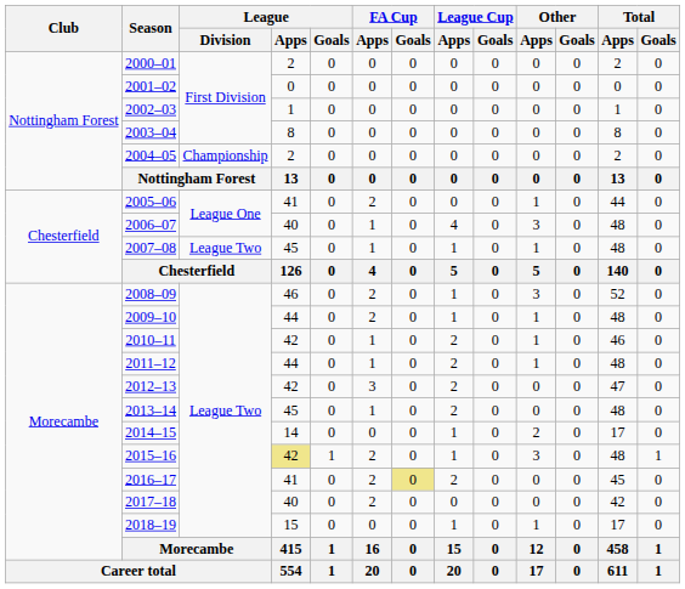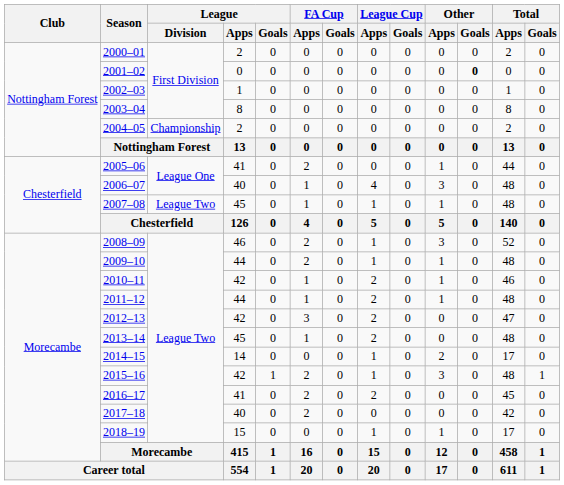 <table class="wikitable" style="text-align:center">
 <tr>
 <th rowspan="2">Club</th>
 <th rowspan="2">Season</th>
 <th colspan="3">League</th>
 <th colspan="2"><a href='#'>FA Cup</a></th>
 <th colspan="2"><a href='#'>League Cup</a></th>
 <th colspan="2">Other</th>
 <th colspan="2">Total</th>
 </tr>
 <tr>
 <th>Division</th>
 <th>Apps</th>
 <th>Goals</th>
 <th>Apps</th>
 <th>Goals</th>
 <th>Apps</th>
 <th>Goals</th>
 <th>Apps</th>
 <th>Goals</th>
 <th>Apps</th>
 <th>Goals</th>
 </tr>
 <tr>
 <td rowspan="6"><a href='#'>Nottingham Forest</a></td>
 <td><a href='#'>2000–01</a></td>
 <td rowspan="4"><a href='#'>First Division</a></td>
 <td>2</td>
 <td>0</td>
 <td>0</td>
 <td>0</td>
 <td>0</td>
 <td>0</td>
 <td>0</td>
 <td>0</td>
 <td>2</td>
 <td>0</td>
 </tr>
 <tr>
 <td><a href='#'>2001–02</a></td>
 <td>0</td>
 <td>0</td>
 <td>0</td>
 <td>0</td>
 <td>0</td>
 <td>0</td>
 <td>0</td>
-<td>0</td>
+<td><strong>0</strong></td>
 <td>0</td>
 <td>0</td>
 </tr>
 <tr>
 <td><a href='#'>2002–03</a></td>
 <td>1</td>
 <td>0</td>
 <td>0</td>
 <td>0</td>
 <td>0</td>
 <td>0</td>
 <td>0</td>
 <td>0</td>
 <td>1</td>
 <td>0</td>
 </tr>
 <tr>
 <td><a href='#'>2003–04</a></td>
 <td>8</td>
 <td>0</td>
 <td>0</td>
 <td>0</td>
 <td>0</td>
 <td>0</td>
 <td>0</td>
 <td>0</td>
 <td>8</td>
 <td>0</td>
 </tr>
 <tr>
 <td><a href='#'>2004–05</a></td>
 <td><a href='#'>Championship</a></td>
 <td>2</td>
 <td>0</td>
 <td>0</td>
 <td>0</td>
 <td>0</td>
 <td>0</td>
 <td>0</td>
 <td>0</td>
 <td>2</td>
 <td>0</td>
 </tr>
 <tr>
 <th colspan="2">Nottingham Forest</th>
 <th>13</th>
 <th>0</th>
 <th>0</th>
 <th>0</th>
 <th>0</th>
 <th>0</th>
 <th>0</th>
 <th>0</th>
 <th>13</th>
 <th>0</th>
 </tr>
 <tr>
 <td rowspan="4"><a href='#'>Chesterfield</a></td>
 <td><a href='#'>2005–06</a></td>
 <td rowspan="2"><a href='#'>League One</a></td>
 <td>41</td>
 <td>0</td>
 <td>2</td>
 <td>0</td>
 <td>0</td>
 <td>0</td>
 <td>1</td>
 <td>0</td>
 <td>44</td>
 <td>0</td>
 </tr>
 <tr>
 <td><a href='#'>2006–07</a></td>
 <td>40</td>
 <td>0</td>
 <td>1</td>
 <td>0</td>
 <td>4</td>
 <td>0</td>
 <td>3</td>
 <td>0</td>
 <td>48</td>
 <td>0</td>
 </tr>
 <tr>
 <td><a href='#'>2007–08</a></td>
 <td><a href='#'>League Two</a></td>
 <td>45</td>
 <td>0</td>
 <td>1</td>
 <td>0</td>
 <td>1</td>
 <td>0</td>
 <td>1</td>
 <td>0</td>
 <td>48</td>
 <td>0</td>
 </tr>
 <tr>
 <th colspan="2">Chesterfield</th>
 <th>126</th>
 <th>0</th>
 <th>4</th>
 <th>0</th>
 <th>5</th>
 <th>0</th>
 <th>5</th>
 <th>0</th>
 <th>140</th>
 <th>0</th>
 </tr>
 <tr>
 <td rowspan="12"><a href='#'>Morecambe</a></td>
 <td><a href='#'>2008–09</a></td>
 <td rowspan="11"><a href='#'>League Two</a></td>
 <td>46</td>
 <td>0</td>
 <td>2</td>
 <td>0</td>
 <td>1</td>
 <td>0</td>
 <td>3</td>
 <td>0</td>
 <td>52</td>
 <td>0</td>
 </tr>
 <tr>
 <td><a href='#'>2009–10</a></td>
 <td>44</td>
 <td>0</td>
 <td>2</td>
 <td>0</td>
 <td>1</td>
 <td>0</td>
 <td>1</td>
 <td>0</td>
 <td>48</td>
 <td>0</td>
 </tr>
 <tr>
 <td><a href='#'>2010–11</a></td>
 <td>42</td>
 <td>0</td>
 <td>1</td>
 <td>0</td>
 <td>2</td>
 <td>0</td>
 <td>1</td>
 <td>0</td>
 <td>46</td>
 <td>0</td>
 </tr>
 <tr>
 <td><a href='#'>2011–12</a></td>
 <td>44</td>
 <td>0</td>
 <td>1</td>
 <td>0</td>
 <td>2</td>
 <td>0</td>
 <td>1</td>
 <td>0</td>
 <td>48</td>
 <td>0</td>
 </tr>
 <tr>
 <td><a href='#'>2012–13</a></td>
 <td>42</td>
 <td>0</td>
 <td>3</td>
 <td>0</td>
 <td>2</td>
 <td>0</td>
 <td>0</td>
 <td>0</td>
 <td>47</td>
 <td>0</td>
 </tr>
 <tr>
 <td><a href='#'>2013–14</a></td>
 <td>45</td>
 <td>0</td>
 <td>1</td>
 <td>0</td>
 <td>2</td>
 <td>0</td>
 <td>0</td>
 <td>0</td>
 <td>48</td>
 <td>0</td>
 </tr>
 <tr>
 <td><a href='#'>2014–15</a></td>
 <td>14</td>
 <td>0</td>
 <td>0</td>
 <td>0</td>
 <td>1</td>
 <td>0</td>
 <td>2</td>
 <td>0</td>
 <td>17</td>
 <td>0</td>
 </tr>
 <tr>
 <td><a href='#'>2015–16</a></td>
-<td style="background: khaki;">42</td>
+<td>42</td>
 <td>1</td>
 <td>2</td>
 <td>0</td>
 <td>1</td>
 <td>0</td>
 <td>3</td>
 <td>0</td>
 <td>48</td>
 <td>1</td>
 </tr>
 <tr>
 <td><a href='#'>2016–17</a></td>
 <td>41</td>
 <td>0</td>
 <td>2</td>
-<td style="background: khaki;">0</td>
+<td>0</td>
 <td>2</td>
 <td>0</td>
 <td>0</td>
 <td>0</td>
 <td>45</td>
 <td>0</td>
 </tr>
 <tr>
 <td><a href='#'>2017–18</a></td>
 <td>40</td>
 <td>0</td>
 <td>2</td>
 <td>0</td>
 <td>0</td>
 <td>0</td>
 <td>0</td>
 <td>0</td>
 <td>42</td>
 <td>0</td>
 </tr>
 <tr>
 <td><a href='#'>2018–19</a></td>
 <td>15</td>
 <td>0</td>
 <td>0</td>
 <td>0</td>
 <td>1</td>
 <td>0</td>
 <td>1</td>
 <td>0</td>
 <td>17</td>
 <td>0</td>
 </tr>
 <tr>
 <th colspan="2">Morecambe</th>
 <th>415</th>
 <th>1</th>
 <th>16</th>
 <th>0</th>
 <th>15</th>
 <th>0</th>
 <th>12</th>
 <th>0</th>
 <th>458</th>
 <th>1</th>
 </tr>
 <tr>
 <th colspan="3">Career total</th>
 <th>554</th>
 <th>1</th>
 <th>20</th>
 <th>0</th>
 <th>20</th>
 <th>0</th>
 <th>17</th>
 <th>0</th>
 <th>611</th>
 <th>1</th>
 </tr>
 </table>
